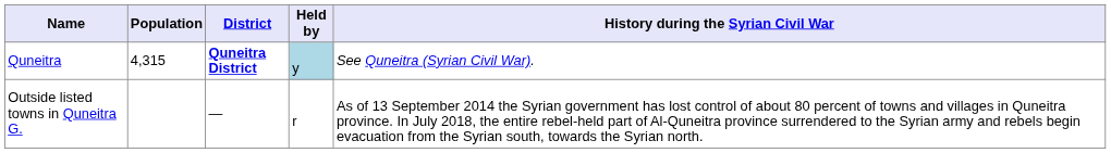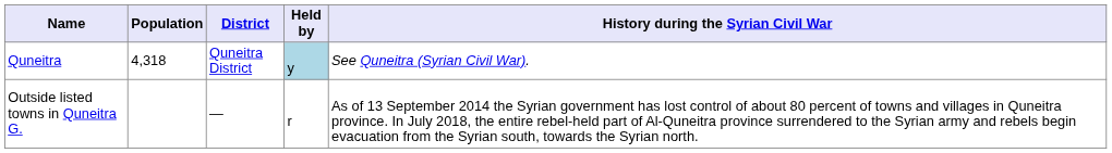 <table class="toccolours sortable" border="1" cellpadding="3" style="border-collapse:collapse">
 <tr style="background:lavender;">
 <th>Name</th>
 <th>Population</th>
 <th><a href='#'>District</a></th>
 <th>Held by</th>
 <th>History during the <a href='#'>Syrian Civil War</a></th>
 </tr>
 <tr>
 <td><a href='#'>Quneitra</a></td>
-<td>4,315</td>
-<td><strong><a href='#'>Quneitra District</a></strong></td>
+<td>4,318</td>
+<td><a href='#'>Quneitra District</a></td>
 <td style="background: lightblue;"><br><span>y</span></td>
 <td><em>See <a href='#'>Quneitra (Syrian Civil War)</a>.</em></td>
 </tr>
 <tr>
 <td>Outside listed towns in <a href='#'>Quneitra G.</a></td>
 <td></td>
 <td>—</td>
 <td><br><span>r</span></td>
 <td><br>As of 13 September 2014 the Syrian government has lost control of about 80 percent of towns and villages in Quneitra province. In July 2018, the entire rebel-held part of Al-Quneitra province surrendered to the Syrian army and rebels begin evacuation from the Syrian south, towards the Syrian north. </td>
 </tr>
 </table>
